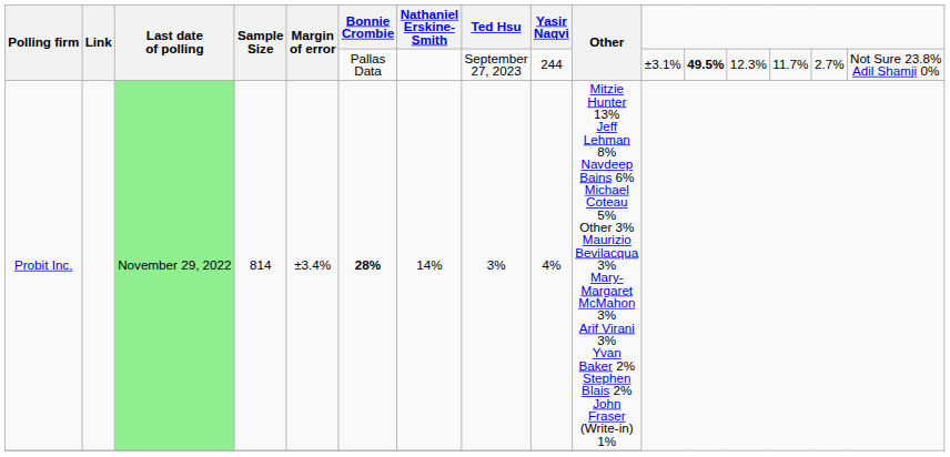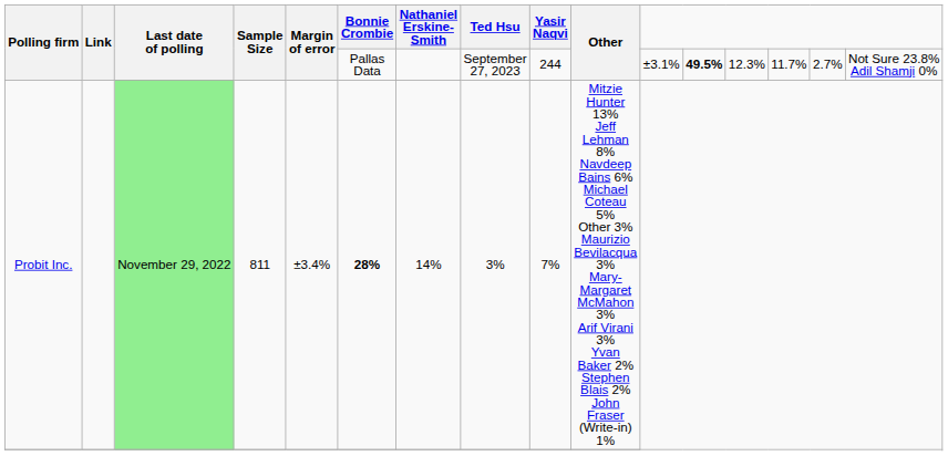 <table class="wikitable sortable tpl-blanktable" style="text-align:center; line-height:14px;font-size:90%;">
 <tr>
 <th rowspan="2">Polling firm</th>
 <th rowspan="2" class="unsortable">Link</th>
 <th rowspan="2">Last date<br>of polling</th>
 <th rowspan="2" class="unsortable">Sample<br>Size</th>
 <th rowspan="2">Margin<br>of error</th>
 <th style="width:25px;"><a href='#'>Bonnie Crombie</a></th>
 <th style="width:25px;"><a href='#'>Nathaniel Erskine-Smith</a></th>
 <th style="width:25px;"><a href='#'>Ted Hsu</a></th>
 <th style="width:25px;"><a href='#'>Yasir Naqvi</a></th>
 <th rowspan="2" style="width:25px;">Other</th>
 </tr>
 <tr class="sorttop">
 <td>Pallas Data</td>
 <td></td>
 <td>September 27, 2023</td>
 <td>244</td>
 <td>±3.1%</td>
 <td><strong>49.5%</strong></td>
 <td>12.3%</td>
 <td>11.7%</td>
 <td>2.7%</td>
 <td>Not Sure 23.8% <br> <a href='#'>Adil Shamji</a> 0%</td>
 </tr>
 <tr>
 <td><a href='#'>Probit Inc.</a></td>
 <td></td>
 <td style="background: lightgreen;">November 29, 2022</td>
-<td>814</td>
+<td>811</td>
 <td>±3.4%</td>
 <td><strong>28%</strong></td>
 <td>14%</td>
 <td>3%</td>
-<td>4%</td>
+<td>7%</td>
 <td><a href='#'>Mitzie Hunter</a> 13% <br> <a href='#'>Jeff Lehman</a> 8% <br> <a href='#'>Navdeep Bains</a> 6% <br> <a href='#'>Michael Coteau</a> 5% <br> Other 3% <br> <a href='#'>Maurizio Bevilacqua</a> 3% <br> <a href='#'>Mary-Margaret McMahon</a> 3% <br> <a href='#'>Arif Virani</a> 3% <br> <a href='#'>Yvan Baker</a> 2% <br> <a href='#'>Stephen Blais</a> 2% <br> <a href='#'>John Fraser</a> (Write-in) 1%</td>
 </tr>
 <tr>
 </tr>
 </table>
